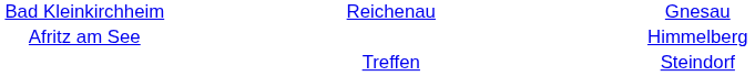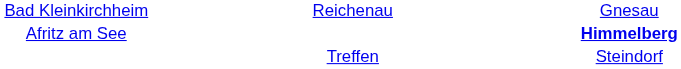 <table width="50%">
 <tr ---->
 <td width ="33%" align="center"><a href='#'>Bad Kleinkirchheim</a></td>
 <td width ="33%" align="center"><a href='#'>Reichenau</a></td>
 <td width ="33%" align="center"><a href='#'>Gnesau</a></td>
 </tr>
 <tr ---->
 <td width ="33%" align="center"><a href='#'>Afritz am See</a></td>
 <td width ="33%" align="center"></td>
-<td width ="33%" align="center"><a href='#'>Himmelberg</a></td>
+<td width ="33%" align="center"><strong><a href='#'>Himmelberg</a></strong></td>
 </tr>
 <tr ---->
 <td width ="33%" align="center"></td>
 <td width ="33%" align="center"><a href='#'>Treffen</a></td>
 <td width ="33%" align="center"><a href='#'>Steindorf</a></td>
 </tr>
 </table>
